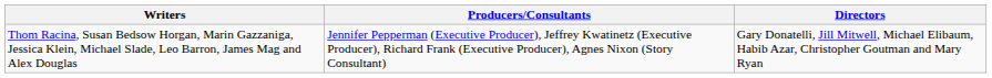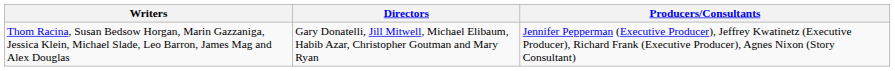 <table class="wikitable">
 <tr>
 <th>Writers</th>
+<th><a href='#'>Directors</a></th>
 <th><a href='#'>Producers/Consultants</a></th>
-<th><a href='#'>Directors</a></th>
 </tr>
 <tr>
 <td><a href='#'>Thom Racina</a>, Susan Bedsow Horgan, Marin Gazzaniga, Jessica Klein, Michael Slade, Leo Barron, James Mag and Alex Douglas</td>
+<td>Gary Donatelli, <a href='#'>Jill Mitwell</a>, Michael Elibaum, Habib Azar, Christopher Goutman and Mary Ryan</td>
 <td><a href='#'>Jennifer Pepperman</a> (<a href='#'>Executive Producer</a>), Jeffrey Kwatinetz (Executive Producer), Richard Frank (Executive Producer), Agnes Nixon (Story Consultant)</td>
-<td>Gary Donatelli, <a href='#'>Jill Mitwell</a>, Michael Elibaum, Habib Azar, Christopher Goutman and Mary Ryan</td>
 </tr>
 </table>
